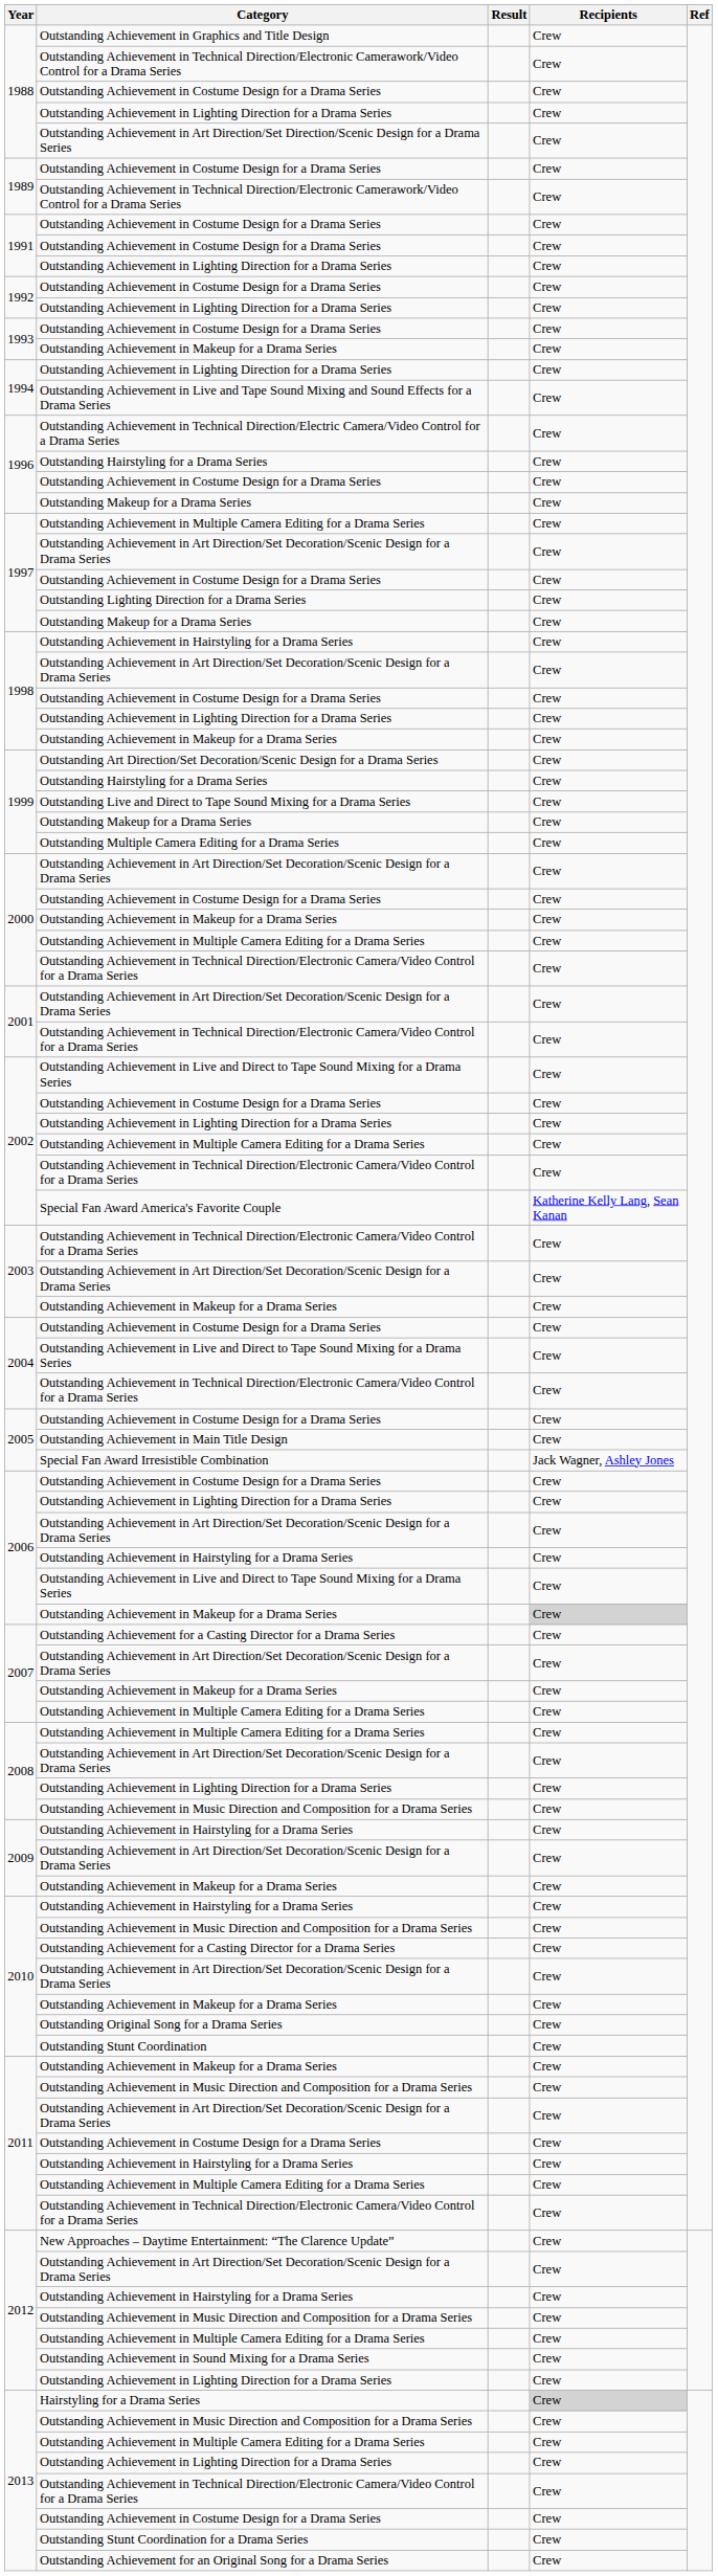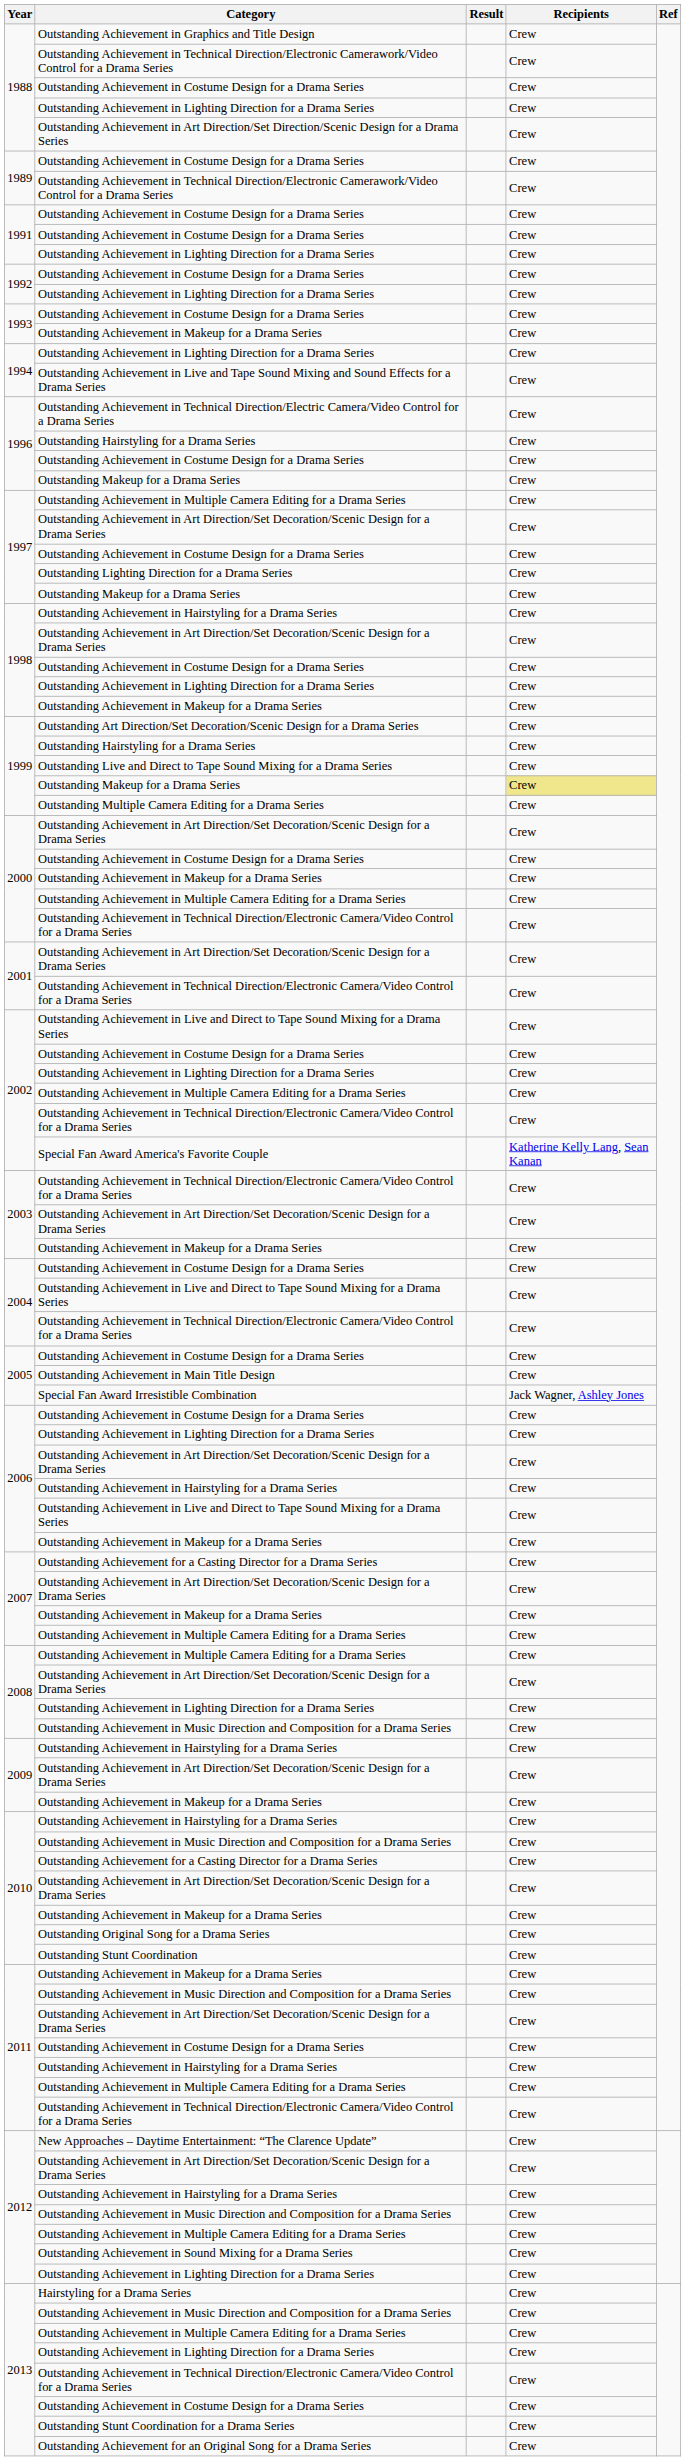 <table class="wikitable">
 <tr>
 <th scope="col">Year</th>
 <th scope="col">Category</th>
 <th scope="col">Result</th>
 <th scope="col">Recipients</th>
 <th>Ref</th>
 </tr>
 <tr>
 <td rowspan="5">1988</td>
 <td>Outstanding Achievement in Graphics and Title Design</td>
 <td></td>
 <td>Crew</td>
 <td rowspan="88" style="text-align:center;"></td>
 </tr>
 <tr>
 <td>Outstanding Achievement in Technical Direction/Electronic Camerawork/Video Control for a Drama Series</td>
 <td></td>
 <td>Crew</td>
 </tr>
 <tr>
 <td>Outstanding Achievement in Costume Design for a Drama Series</td>
 <td></td>
 <td>Crew</td>
 </tr>
 <tr>
 <td>Outstanding Achievement in Lighting Direction for a Drama Series</td>
 <td></td>
 <td>Crew</td>
 </tr>
 <tr>
 <td>Outstanding Achievement in Art Direction/Set Direction/Scenic Design for a Drama Series</td>
 <td></td>
 <td>Crew</td>
 </tr>
 <tr>
 <td rowspan="2">1989</td>
 <td>Outstanding Achievement in Costume Design for a Drama Series</td>
 <td></td>
 <td>Crew</td>
 </tr>
 <tr>
 <td>Outstanding Achievement in Technical Direction/Electronic Camerawork/Video Control for a Drama Series</td>
 <td></td>
 <td>Crew</td>
 </tr>
 <tr>
 <td rowspan="3">1991</td>
 <td>Outstanding Achievement in Costume Design for a Drama Series</td>
 <td></td>
 <td>Crew</td>
 </tr>
 <tr>
 <td>Outstanding Achievement in Costume Design for a Drama Series</td>
 <td></td>
 <td>Crew</td>
 </tr>
 <tr>
 <td>Outstanding Achievement in Lighting Direction for a Drama Series</td>
 <td></td>
 <td>Crew</td>
 </tr>
 <tr>
 <td rowspan="2">1992</td>
 <td>Outstanding Achievement in Costume Design for a Drama Series</td>
 <td></td>
 <td>Crew</td>
 </tr>
 <tr>
 <td>Outstanding Achievement in Lighting Direction for a Drama Series</td>
 <td></td>
 <td>Crew</td>
 </tr>
 <tr>
 <td rowspan="2">1993</td>
 <td>Outstanding Achievement in Costume Design for a Drama Series</td>
 <td></td>
 <td>Crew</td>
 </tr>
 <tr>
 <td>Outstanding Achievement in Makeup for a Drama Series</td>
 <td></td>
 <td>Crew</td>
 </tr>
 <tr>
 <td rowspan="2">1994</td>
 <td>Outstanding Achievement in Lighting Direction for a Drama Series</td>
 <td></td>
 <td>Crew</td>
 </tr>
 <tr>
 <td>Outstanding Achievement in Live and Tape Sound Mixing and Sound Effects for a Drama Series</td>
 <td></td>
 <td>Crew</td>
 </tr>
 <tr>
 <td rowspan="4">1996</td>
 <td>Outstanding Achievement in Technical Direction/Electric Camera/Video Control for a Drama Series</td>
 <td></td>
 <td>Crew</td>
 </tr>
 <tr>
 <td>Outstanding Hairstyling for a Drama Series</td>
 <td></td>
 <td>Crew</td>
 </tr>
 <tr>
 <td>Outstanding Achievement in Costume Design for a Drama Series</td>
 <td></td>
 <td>Crew</td>
 </tr>
 <tr>
 <td>Outstanding Makeup for a Drama Series</td>
 <td></td>
 <td>Crew</td>
 </tr>
 <tr>
 <td rowspan="5">1997</td>
 <td>Outstanding Achievement in Multiple Camera Editing for a Drama Series</td>
 <td></td>
 <td>Crew</td>
 </tr>
 <tr>
 <td>Outstanding Achievement in Art Direction/Set Decoration/Scenic Design for a Drama Series</td>
 <td></td>
 <td>Crew</td>
 </tr>
 <tr>
 <td>Outstanding Achievement in Costume Design for a Drama Series</td>
 <td></td>
 <td>Crew</td>
 </tr>
 <tr>
 <td>Outstanding Lighting Direction for a Drama Series</td>
 <td></td>
 <td>Crew</td>
 </tr>
 <tr>
 <td>Outstanding Makeup for a Drama Series</td>
 <td></td>
 <td>Crew</td>
 </tr>
 <tr>
 <td rowspan="5">1998</td>
 <td>Outstanding Achievement in Hairstyling for a Drama Series</td>
 <td></td>
 <td>Crew</td>
 </tr>
 <tr>
 <td>Outstanding Achievement in Art Direction/Set Decoration/Scenic Design for a Drama Series</td>
 <td></td>
 <td>Crew</td>
 </tr>
 <tr>
 <td>Outstanding Achievement in Costume Design for a Drama Series</td>
 <td></td>
 <td>Crew</td>
 </tr>
 <tr>
 <td>Outstanding Achievement in Lighting Direction for a Drama Series</td>
 <td></td>
 <td>Crew</td>
 </tr>
 <tr>
 <td>Outstanding Achievement in Makeup for a Drama Series</td>
 <td></td>
 <td>Crew</td>
 </tr>
 <tr>
 <td rowspan="5">1999</td>
 <td>Outstanding Art Direction/Set Decoration/Scenic Design for a Drama Series</td>
 <td></td>
 <td>Crew</td>
 </tr>
 <tr>
 <td>Outstanding Hairstyling for a Drama Series</td>
 <td></td>
 <td>Crew</td>
 </tr>
 <tr>
 <td>Outstanding Live and Direct to Tape Sound Mixing for a Drama Series</td>
 <td></td>
 <td>Crew</td>
 </tr>
 <tr>
 <td>Outstanding Makeup for a Drama Series</td>
 <td></td>
-<td>Crew</td>
+<td style="background: khaki;">Crew</td>
 </tr>
 <tr>
 <td>Outstanding Multiple Camera Editing for a Drama Series</td>
 <td></td>
 <td>Crew</td>
 </tr>
 <tr>
 <td rowspan="5">2000</td>
 <td>Outstanding Achievement in Art Direction/Set Decoration/Scenic Design for a Drama Series</td>
 <td></td>
 <td>Crew</td>
 </tr>
 <tr>
 <td>Outstanding Achievement in Costume Design for a Drama Series</td>
 <td></td>
 <td>Crew</td>
 </tr>
 <tr>
 <td>Outstanding Achievement in Makeup for a Drama Series</td>
 <td></td>
 <td>Crew</td>
 </tr>
 <tr>
 <td>Outstanding Achievement in Multiple Camera Editing for a Drama Series</td>
 <td></td>
 <td>Crew</td>
 </tr>
 <tr>
 <td>Outstanding Achievement in Technical Direction/Electronic Camera/Video Control for a Drama Series</td>
 <td></td>
 <td>Crew</td>
 </tr>
 <tr>
 <td rowspan="2">2001</td>
 <td>Outstanding Achievement in Art Direction/Set Decoration/Scenic Design for a Drama Series</td>
 <td></td>
 <td>Crew</td>
 </tr>
 <tr>
 <td>Outstanding Achievement in Technical Direction/Electronic Camera/Video Control for a Drama Series</td>
 <td></td>
 <td>Crew</td>
 </tr>
 <tr>
 <td rowspan="6">2002</td>
 <td>Outstanding Achievement in Live and Direct to Tape Sound Mixing for a Drama Series</td>
 <td></td>
 <td>Crew</td>
 </tr>
 <tr>
 <td>Outstanding Achievement in Costume Design for a Drama Series</td>
 <td></td>
 <td>Crew</td>
 </tr>
 <tr>
 <td>Outstanding Achievement in Lighting Direction for a Drama Series</td>
 <td></td>
 <td>Crew</td>
 </tr>
 <tr>
 <td>Outstanding Achievement in Multiple Camera Editing for a Drama Series</td>
 <td></td>
 <td>Crew</td>
 </tr>
 <tr>
 <td>Outstanding Achievement in Technical Direction/Electronic Camera/Video Control for a Drama Series</td>
 <td></td>
 <td>Crew</td>
 </tr>
 <tr>
 <td>Special Fan Award America's Favorite Couple</td>
 <td></td>
 <td><a href='#'>Katherine Kelly Lang</a>, <a href='#'>Sean Kanan</a></td>
 </tr>
 <tr>
 <td rowspan="3">2003</td>
 <td>Outstanding Achievement in Technical Direction/Electronic Camera/Video Control for a Drama Series</td>
 <td></td>
 <td>Crew</td>
 </tr>
 <tr>
 <td>Outstanding Achievement in Art Direction/Set Decoration/Scenic Design for a Drama Series</td>
 <td></td>
 <td>Crew</td>
 </tr>
 <tr>
 <td>Outstanding Achievement in Makeup for a Drama Series</td>
 <td></td>
 <td>Crew</td>
 </tr>
 <tr>
 <td rowspan="3">2004</td>
 <td>Outstanding Achievement in Costume Design for a Drama Series</td>
 <td></td>
 <td>Crew</td>
 </tr>
 <tr>
 <td>Outstanding Achievement in Live and Direct to Tape Sound Mixing for a Drama Series</td>
 <td></td>
 <td>Crew</td>
 </tr>
 <tr>
 <td>Outstanding Achievement in Technical Direction/Electronic Camera/Video Control for a Drama Series</td>
 <td></td>
 <td>Crew</td>
 </tr>
 <tr>
 <td rowspan="3">2005</td>
 <td>Outstanding Achievement in Costume Design for a Drama Series</td>
 <td></td>
 <td>Crew</td>
 </tr>
 <tr>
 <td>Outstanding Achievement in Main Title Design</td>
 <td></td>
 <td>Crew</td>
 </tr>
 <tr>
 <td>Special Fan Award Irresistible Combination</td>
 <td></td>
 <td>Jack Wagner, <a href='#'>Ashley Jones</a></td>
 </tr>
 <tr>
 <td rowspan="6">2006</td>
 <td>Outstanding Achievement in Costume Design for a Drama Series</td>
 <td></td>
 <td>Crew</td>
 </tr>
 <tr>
 <td>Outstanding Achievement in Lighting Direction for a Drama Series</td>
 <td></td>
 <td>Crew</td>
 </tr>
 <tr>
 <td>Outstanding Achievement in Art Direction/Set Decoration/Scenic Design for a Drama Series</td>
 <td></td>
 <td>Crew</td>
 </tr>
 <tr>
 <td>Outstanding Achievement in Hairstyling for a Drama Series</td>
 <td></td>
 <td>Crew</td>
 </tr>
 <tr>
 <td>Outstanding Achievement in Live and Direct to Tape Sound Mixing for a Drama Series</td>
 <td></td>
 <td>Crew</td>
 </tr>
 <tr>
 <td>Outstanding Achievement in Makeup for a Drama Series</td>
 <td></td>
-<td style="background: lightgrey;">Crew</td>
+<td>Crew</td>
 </tr>
 <tr>
 <td rowspan="4">2007</td>
 <td>Outstanding Achievement for a Casting Director for a Drama Series</td>
 <td></td>
 <td>Crew</td>
 </tr>
 <tr>
 <td>Outstanding Achievement in Art Direction/Set Decoration/Scenic Design for a Drama Series</td>
 <td></td>
 <td>Crew</td>
 </tr>
 <tr>
 <td>Outstanding Achievement in Makeup for a Drama Series</td>
 <td></td>
 <td>Crew</td>
 </tr>
 <tr>
 <td>Outstanding Achievement in Multiple Camera Editing for a Drama Series</td>
 <td></td>
 <td>Crew</td>
 </tr>
 <tr>
 <td rowspan="4">2008</td>
 <td>Outstanding Achievement in Multiple Camera Editing for a Drama Series</td>
 <td></td>
 <td>Crew</td>
 </tr>
 <tr>
 <td>Outstanding Achievement in Art Direction/Set Decoration/Scenic Design for a Drama Series</td>
 <td></td>
 <td>Crew</td>
 </tr>
 <tr>
 <td>Outstanding Achievement in Lighting Direction for a Drama Series</td>
 <td></td>
 <td>Crew</td>
 </tr>
 <tr>
 <td>Outstanding Achievement in Music Direction and Composition for a Drama Series</td>
 <td></td>
 <td>Crew</td>
 </tr>
 <tr>
 <td rowspan="3">2009</td>
 <td>Outstanding Achievement in Hairstyling for a Drama Series</td>
 <td></td>
 <td>Crew</td>
 </tr>
 <tr>
 <td>Outstanding Achievement in Art Direction/Set Decoration/Scenic Design for a Drama Series</td>
 <td></td>
 <td>Crew</td>
 </tr>
 <tr>
 <td>Outstanding Achievement in Makeup for a Drama Series</td>
 <td></td>
 <td>Crew</td>
 </tr>
 <tr>
 <td rowspan="7">2010</td>
 <td>Outstanding Achievement in Hairstyling for a Drama Series</td>
 <td></td>
 <td>Crew</td>
 </tr>
 <tr>
 <td>Outstanding Achievement in Music Direction and Composition for a Drama Series</td>
 <td></td>
 <td>Crew</td>
 </tr>
 <tr>
 <td>Outstanding Achievement for a Casting Director for a Drama Series</td>
 <td></td>
 <td>Crew</td>
 </tr>
 <tr>
 <td>Outstanding Achievement in Art Direction/Set Decoration/Scenic Design for a Drama Series</td>
 <td></td>
 <td>Crew</td>
 </tr>
 <tr>
 <td>Outstanding Achievement in Makeup for a Drama Series</td>
 <td></td>
 <td>Crew</td>
 </tr>
 <tr>
 <td>Outstanding Original Song for a Drama Series</td>
 <td></td>
 <td>Crew</td>
 </tr>
 <tr>
 <td>Outstanding Stunt Coordination</td>
 <td></td>
 <td>Crew</td>
 </tr>
 <tr>
 <td rowspan="7">2011</td>
 <td>Outstanding Achievement in Makeup for a Drama Series</td>
 <td></td>
 <td>Crew</td>
 </tr>
 <tr>
 <td>Outstanding Achievement in Music Direction and Composition for a Drama Series</td>
 <td></td>
 <td>Crew</td>
 </tr>
 <tr>
 <td>Outstanding Achievement in Art Direction/Set Decoration/Scenic Design for a Drama Series</td>
 <td></td>
 <td>Crew</td>
 </tr>
 <tr>
 <td>Outstanding Achievement in Costume Design for a Drama Series</td>
 <td></td>
 <td>Crew</td>
 </tr>
 <tr>
 <td>Outstanding Achievement in Hairstyling for a Drama Series</td>
 <td></td>
 <td>Crew</td>
 </tr>
 <tr>
 <td>Outstanding Achievement in Multiple Camera Editing for a Drama Series</td>
 <td></td>
 <td>Crew</td>
 </tr>
 <tr>
 <td>Outstanding Achievement in Technical Direction/Electronic Camera/Video Control  for a Drama Series</td>
 <td></td>
 <td>Crew</td>
 </tr>
 <tr>
 <td rowspan="7">2012</td>
 <td>New Approaches – Daytime Entertainment: “The Clarence Update”</td>
 <td></td>
 <td>Crew</td>
 <td rowspan="7"></td>
 </tr>
 <tr>
 <td>Outstanding Achievement in Art Direction/Set Decoration/Scenic Design for a Drama Series</td>
 <td></td>
 <td>Crew</td>
 </tr>
 <tr>
 <td>Outstanding Achievement in Hairstyling for a Drama Series</td>
 <td></td>
 <td>Crew</td>
 </tr>
 <tr>
 <td>Outstanding Achievement in Music Direction and Composition for a Drama Series</td>
 <td></td>
 <td>Crew</td>
 </tr>
 <tr>
 <td>Outstanding Achievement in Multiple Camera Editing for a Drama Series</td>
 <td></td>
 <td>Crew</td>
 </tr>
 <tr>
 <td>Outstanding Achievement in Sound Mixing for a Drama Series</td>
 <td></td>
 <td>Crew</td>
 </tr>
 <tr>
 <td>Outstanding Achievement in Lighting Direction for a Drama Series</td>
 <td></td>
 <td>Crew</td>
 </tr>
 <tr>
 <td rowspan="8">2013</td>
 <td>Hairstyling for a Drama Series</td>
 <td></td>
-<td style="background: lightgrey;">Crew</td>
+<td>Crew</td>
 <td rowspan="8"></td>
 </tr>
 <tr>
 <td>Outstanding Achievement in Music Direction and Composition for a Drama Series</td>
 <td></td>
 <td>Crew</td>
 </tr>
 <tr>
 <td>Outstanding Achievement in Multiple Camera Editing for a Drama Series</td>
 <td></td>
 <td>Crew</td>
 </tr>
 <tr>
 <td>Outstanding Achievement in Lighting Direction for a Drama Series</td>
 <td></td>
 <td>Crew</td>
 </tr>
 <tr>
 <td>Outstanding Achievement in Technical Direction/Electronic Camera/Video Control  for a Drama Series</td>
 <td></td>
 <td>Crew</td>
 </tr>
 <tr>
 <td>Outstanding Achievement in Costume Design for a Drama Series</td>
 <td></td>
 <td>Crew</td>
 </tr>
 <tr>
 <td>Outstanding Stunt Coordination for a Drama Series</td>
 <td></td>
 <td>Crew</td>
 </tr>
 <tr>
 <td>Outstanding Achievement for an Original Song for a Drama Series</td>
 <td></td>
 <td>Crew</td>
 </tr>
 </table>
